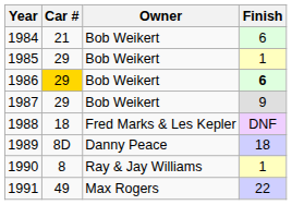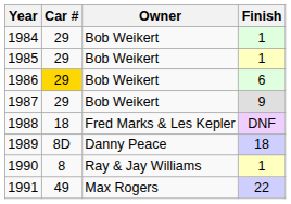 <table class="wikitable" style="font-size: 90%;">
 <tr>
 <th>Year</th>
 <th>Car #</th>
 <th>Owner</th>
 <th>Finish</th>
 </tr>
 <tr>
 <td>1984</td>
-<td align=center>21</td>
+<td align=center>29</td>
 <td>Bob Weikert</td>
-<td align=center style="background:#DFFFDF;">6</td>
+<td align=center style="background:#DFFFDF;">1</td>
 </tr>
 <tr>
 <td>1985</td>
 <td align=center>29</td>
 <td>Bob Weikert</td>
 <td align=center style="background:#FFFFBF;">1</td>
 </tr>
 <tr>
 <td>1986</td>
 <td align=center style="background: gold;">29</td>
 <td>Bob Weikert</td>
-<td align=center style="background:#DFFFDF;"><strong>6</strong></td>
+<td align=center style="background:#DFFFDF;">6</td>
 </tr>
 <tr>
 <td>1987</td>
 <td align=center>29</td>
 <td>Bob Weikert</td>
 <td align=center style="background:#DFDFDF;">9</td>
 </tr>
 <tr>
 <td>1988</td>
 <td align=center>18</td>
 <td>Fred Marks & Les Kepler</td>
 <td align=center style="background:#EFCFFF;">DNF</td>
 </tr>
 <tr>
 <td>1989</td>
 <td align=center>8D</td>
 <td>Danny Peace</td>
 <td align=center style="background:#CFCFFF;">18</td>
 </tr>
 <tr>
 <td>1990</td>
 <td align=center>8</td>
 <td>Ray & Jay Williams</td>
 <td align=center style="background:#FFFFBF;">1</td>
 </tr>
 <tr>
 <td>1991</td>
 <td align=center>49</td>
 <td>Max Rogers</td>
 <td align=center style="background:#CFCFFF;">22</td>
 </tr>
 </table>
